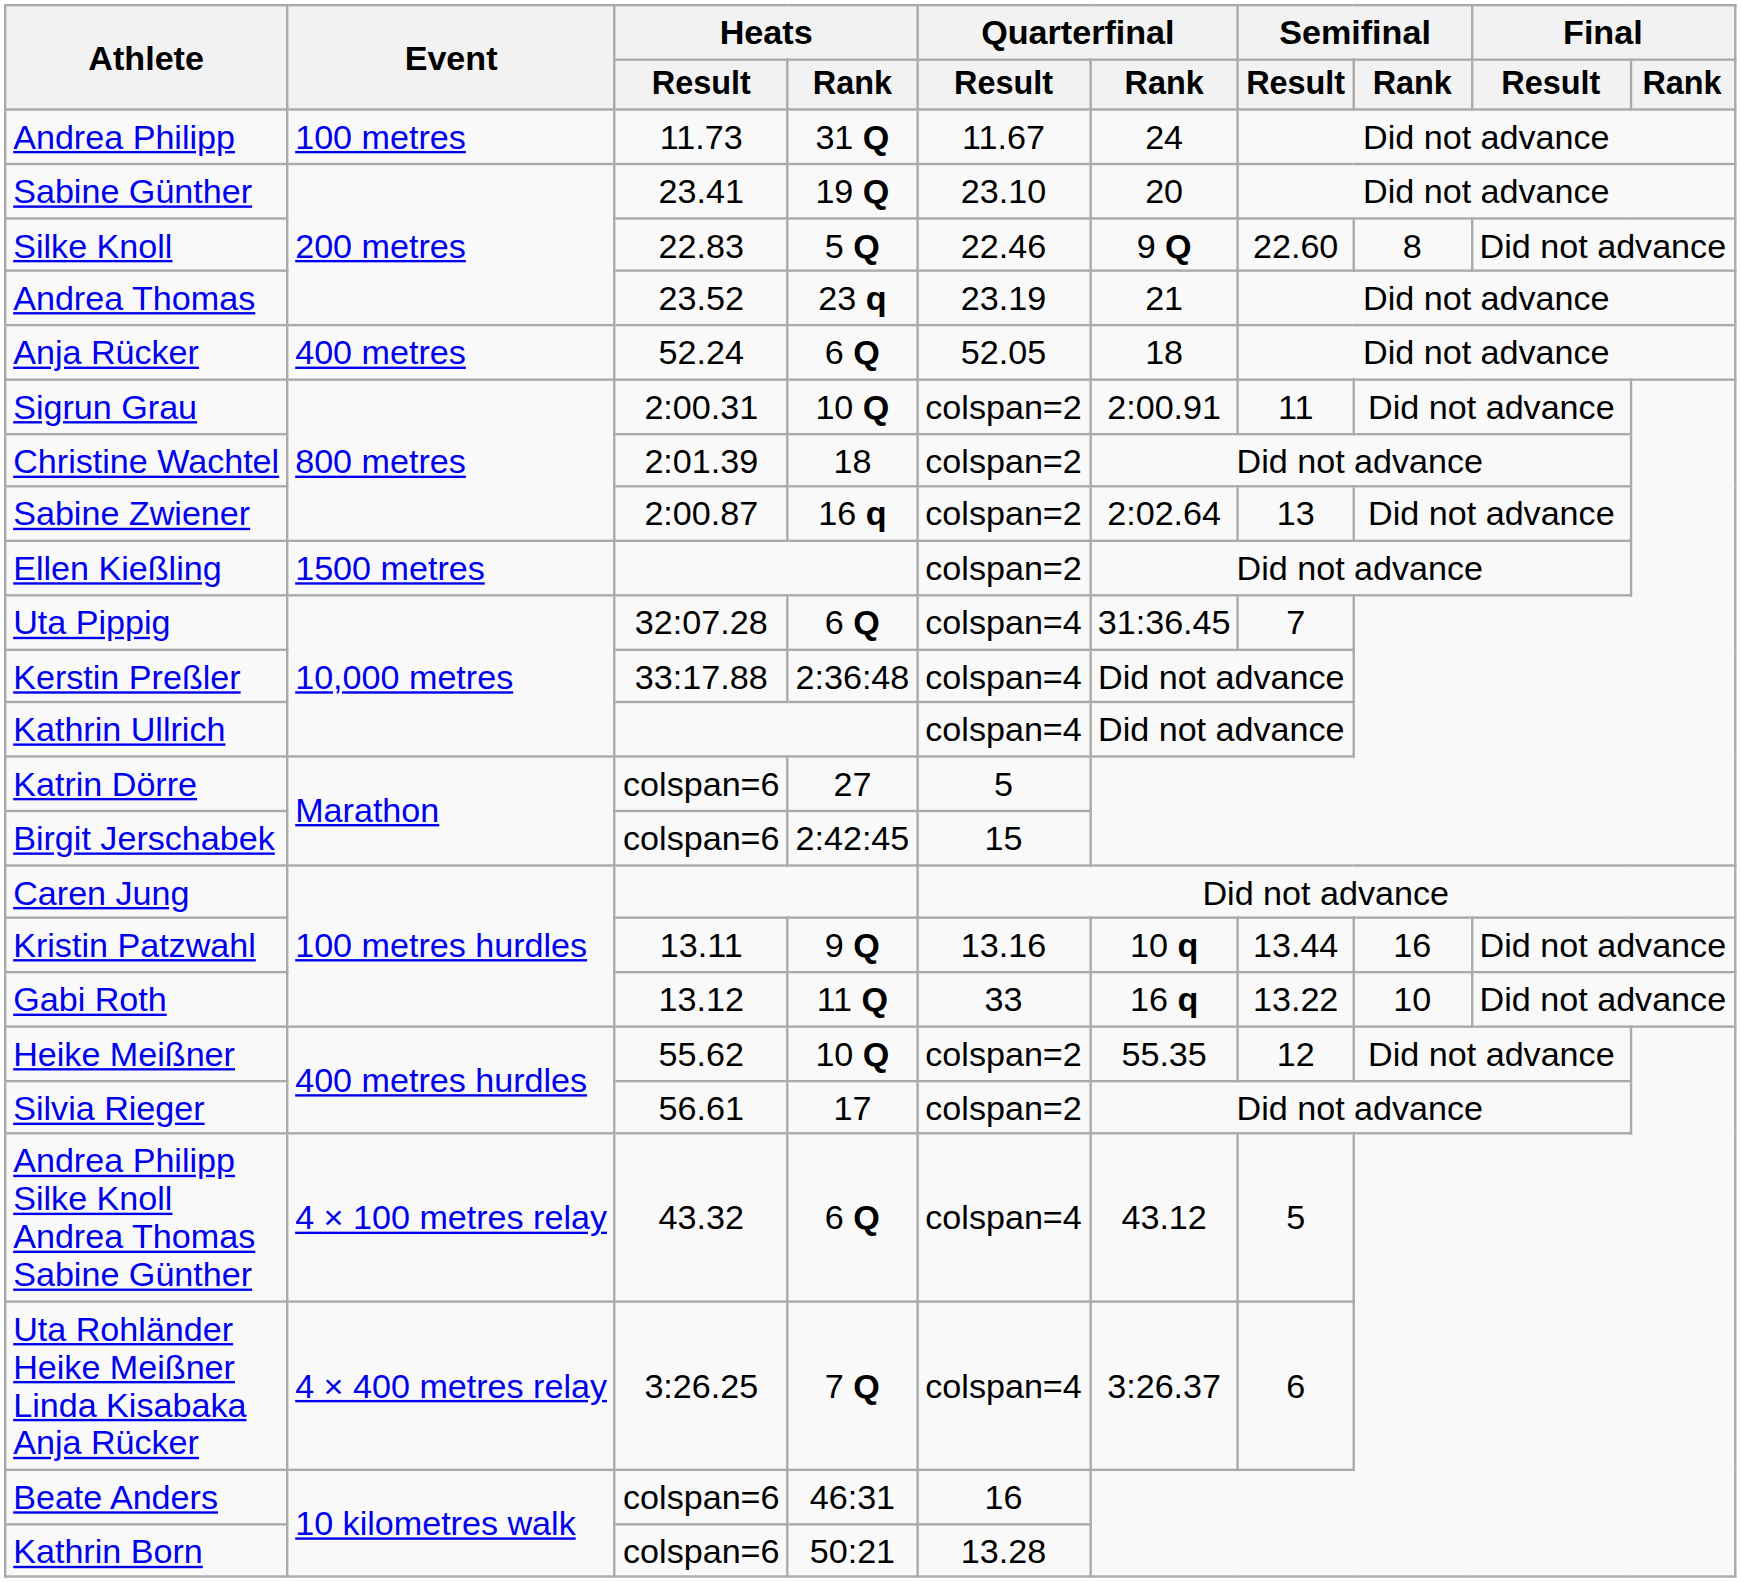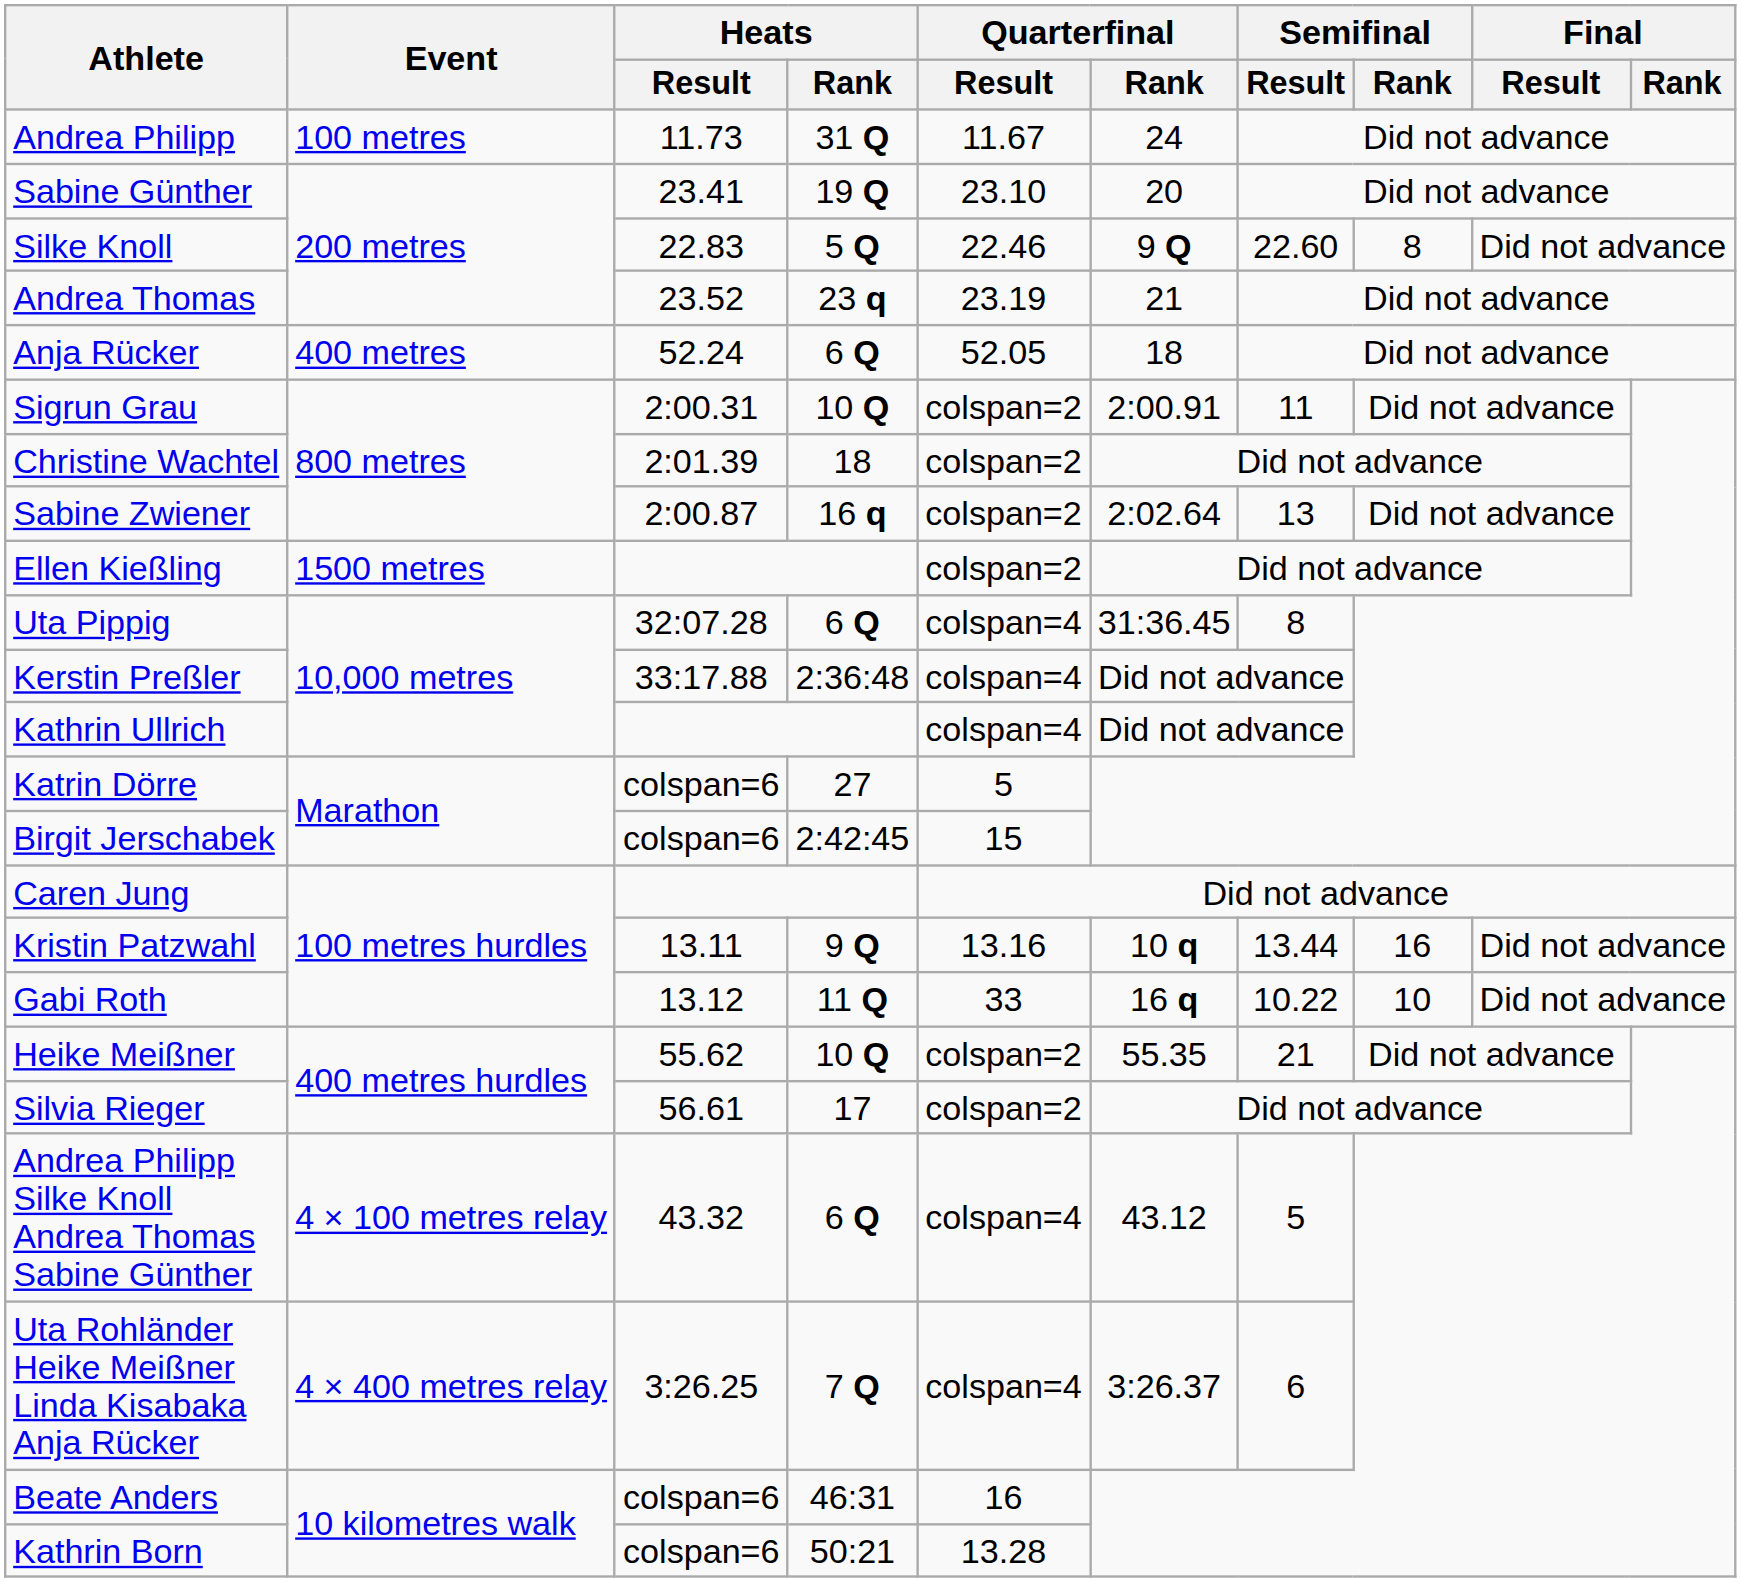 <table class="wikitable" style="font-size:90%">
 <tr>
 <th rowspan="2">Athlete</th>
 <th rowspan="2">Event</th>
 <th colspan="2">Heats</th>
 <th colspan="2">Quarterfinal</th>
 <th colspan="2">Semifinal</th>
 <th colspan="2">Final</th>
 </tr>
 <tr style="font-size:95%">
 <th>Result</th>
 <th>Rank</th>
 <th>Result</th>
 <th>Rank</th>
 <th>Result</th>
 <th>Rank</th>
 <th>Result</th>
 <th>Rank</th>
 </tr>
 <tr align=center>
 <td align=left><a href='#'>Andrea Philipp</a></td>
 <td align=left><a href='#'>100 metres</a></td>
 <td>11.73</td>
 <td>31 <strong>Q</strong></td>
 <td>11.67</td>
 <td>24</td>
 <td colspan=4>Did not advance</td>
 </tr>
 <tr align=center>
 <td align=left><a href='#'>Sabine Günther</a></td>
 <td align=left rowspan=3><a href='#'>200 metres</a></td>
 <td>23.41</td>
 <td>19 <strong>Q</strong></td>
 <td>23.10</td>
 <td>20</td>
 <td colspan=4>Did not advance</td>
 </tr>
 <tr align=center>
 <td align=left><a href='#'>Silke Knoll</a></td>
 <td>22.83</td>
 <td>5 <strong>Q</strong></td>
 <td>22.46</td>
 <td>9 <strong>Q</strong></td>
 <td>22.60</td>
 <td>8</td>
 <td colspan=2>Did not advance</td>
 </tr>
 <tr align=center>
 <td align=left><a href='#'>Andrea Thomas</a></td>
 <td>23.52</td>
 <td>23 <strong>q</strong></td>
 <td>23.19</td>
 <td>21</td>
 <td colspan=4>Did not advance</td>
 </tr>
 <tr align=center>
 <td align=left><a href='#'>Anja Rücker</a></td>
 <td align=left><a href='#'>400 metres</a></td>
 <td>52.24</td>
 <td>6 <strong>Q</strong></td>
 <td>52.05</td>
 <td>18</td>
 <td colspan=4>Did not advance</td>
 </tr>
 <tr align=center>
 <td align=left><a href='#'>Sigrun Grau</a></td>
 <td align=left rowspan=3><a href='#'>800 metres</a></td>
 <td>2:00.31</td>
 <td>10 <strong>Q</strong></td>
 <td>colspan=2</td>
 <td>2:00.91</td>
 <td>11</td>
 <td colspan=2>Did not advance</td>
 </tr>
 <tr align=center>
 <td align=left><a href='#'>Christine Wachtel</a></td>
 <td>2:01.39</td>
 <td>18</td>
 <td>colspan=2</td>
 <td colspan=4>Did not advance</td>
 </tr>
 <tr align=center>
 <td align=left><a href='#'>Sabine Zwiener</a></td>
 <td>2:00.87</td>
 <td>16 <strong>q</strong></td>
 <td>colspan=2</td>
 <td>2:02.64</td>
 <td>13</td>
 <td colspan=2>Did not advance</td>
 </tr>
 <tr align=center>
 <td align=left><a href='#'>Ellen Kießling</a></td>
 <td align=left><a href='#'>1500 metres</a></td>
 <td colspan=2></td>
 <td>colspan=2</td>
 <td colspan=4>Did not advance</td>
 </tr>
 <tr align=center>
 <td align=left><a href='#'>Uta Pippig</a></td>
 <td align=left rowspan=3><a href='#'>10,000 metres</a></td>
 <td>32:07.28</td>
 <td>6 <strong>Q</strong></td>
 <td>colspan=4</td>
 <td>31:36.45</td>
-<td>7</td>
+<td>8</td>
 </tr>
 <tr align=center>
 <td align=left><a href='#'>Kerstin Preßler</a></td>
 <td>33:17.88</td>
 <td>2:36:48</td>
 <td>colspan=4</td>
 <td colspan=2>Did not advance</td>
 </tr>
 <tr align=center>
 <td align=left><a href='#'>Kathrin Ullrich</a></td>
 <td colspan=2></td>
 <td>colspan=4</td>
 <td colspan=2>Did not advance</td>
 </tr>
 <tr align=center>
 <td align=left><a href='#'>Katrin Dörre</a></td>
 <td align=left rowspan=2><a href='#'>Marathon</a></td>
 <td>colspan=6</td>
 <td>27</td>
 <td>5</td>
 </tr>
 <tr align=center>
 <td align=left><a href='#'>Birgit Jerschabek</a></td>
 <td>colspan=6</td>
 <td>2:42:45</td>
 <td>15</td>
 </tr>
 <tr align=center>
 <td align=left><a href='#'>Caren Jung</a></td>
 <td align=left rowspan=3><a href='#'>100 metres hurdles</a></td>
 <td colspan=2></td>
 <td colspan=6>Did not advance</td>
 </tr>
 <tr align=center>
 <td align=left><a href='#'>Kristin Patzwahl</a></td>
 <td>13.11</td>
 <td>9 <strong>Q</strong></td>
 <td>13.16</td>
 <td>10 <strong>q</strong></td>
 <td>13.44</td>
 <td>16</td>
 <td colspan=2>Did not advance</td>
 </tr>
 <tr align=center>
 <td align=left><a href='#'>Gabi Roth</a></td>
 <td>13.12</td>
 <td>11 <strong>Q</strong></td>
 <td>33</td>
 <td>16 <strong>q</strong></td>
-<td>13.22</td>
+<td>10.22</td>
 <td>10</td>
 <td colspan=2>Did not advance</td>
 </tr>
 <tr align=center>
 <td align=left><a href='#'>Heike Meißner</a></td>
 <td align=left rowspan=2><a href='#'>400 metres hurdles</a></td>
 <td>55.62</td>
 <td>10 <strong>Q</strong></td>
 <td>colspan=2</td>
 <td>55.35</td>
-<td>12</td>
+<td>21</td>
 <td colspan=2>Did not advance</td>
 </tr>
 <tr align=center>
 <td align=left><a href='#'>Silvia Rieger</a></td>
 <td>56.61</td>
 <td>17</td>
 <td>colspan=2</td>
 <td colspan=4>Did not advance</td>
 </tr>
 <tr align=center>
 <td align=left><a href='#'>Andrea Philipp</a><br><a href='#'>Silke Knoll</a><br><a href='#'>Andrea Thomas</a><br><a href='#'>Sabine Günther</a></td>
 <td align=left><a href='#'>4 × 100 metres relay</a></td>
 <td>43.32</td>
 <td>6 <strong>Q</strong></td>
 <td>colspan=4</td>
 <td>43.12</td>
 <td>5</td>
 </tr>
 <tr align=center>
 <td align=left><a href='#'>Uta Rohländer</a><br><a href='#'>Heike Meißner</a><br><a href='#'>Linda Kisabaka</a><br><a href='#'>Anja Rücker</a></td>
 <td align=left><a href='#'>4 × 400 metres relay</a></td>
 <td>3:26.25</td>
 <td>7 <strong>Q</strong></td>
 <td>colspan=4</td>
 <td>3:26.37</td>
 <td>6</td>
 </tr>
 <tr align=center>
 <td align=left><a href='#'>Beate Anders</a></td>
 <td align=left rowspan=2><a href='#'>10 kilometres walk</a></td>
 <td>colspan=6</td>
 <td>46:31</td>
 <td>16</td>
 </tr>
 <tr align=center>
 <td align=left><a href='#'>Kathrin Born</a></td>
 <td>colspan=6</td>
 <td>50:21</td>
 <td>13.28</td>
 </tr>
 </table>
